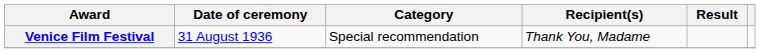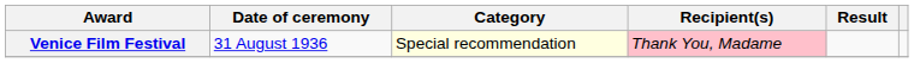 <table class="wikitable sortable plainrowheaders" style="width: 100%;">
 <tr>
 <th scope="col">Award</th>
 <th scope="col">Date of ceremony</th>
 <th scope="col">Category</th>
 <th scope="col">Recipient(s)</th>
 <th scope="col">Result</th>
 <th scope="col" class="unsortable"></th>
 </tr>
 <tr>
 <th><a href='#'>Venice Film Festival</a></th>
 <td><a href='#'>31 August 1936</a></td>
-<td>Special recommendation</td>
-<td><em>Thank You, Madame</em></td>
+<td style="background: lightyellow;">Special recommendation</td>
+<td style="background: pink;"><em>Thank You, Madame</em></td>
 <td></td>
 <td></td>
 </tr>
 <tr>
 </tr>
 </table>
